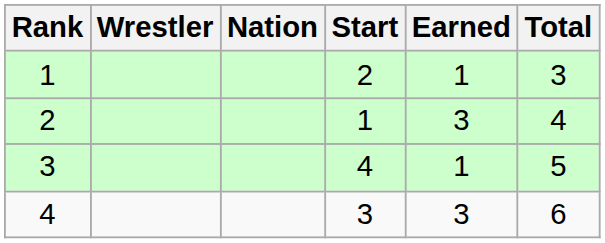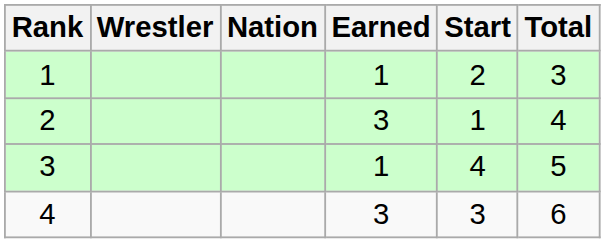 <table class="wikitable sortable" style="text-align:center;">
 <tr>
 <th>Rank</th>
 <th>Wrestler</th>
 <th>Nation</th>
+<th>Earned</th>
 <th>Start</th>
-<th>Earned</th>
 <th>Total</th>
 </tr>
 <tr style="background:#cfc;">
 <td>1</td>
 <td align=left></td>
 <td align=left></td>
+<td>1</td>
 <td>2</td>
-<td>1</td>
 <td>3</td>
 </tr>
 <tr style="background:#cfc;">
 <td>2</td>
 <td align=left></td>
 <td align=left></td>
+<td>3</td>
 <td>1</td>
-<td>3</td>
 <td>4</td>
 </tr>
 <tr style="background:#cfc;">
 <td>3</td>
 <td align=left></td>
 <td align=left></td>
+<td>1</td>
 <td>4</td>
-<td>1</td>
 <td>5</td>
 </tr>
 <tr>
 <td>4</td>
 <td align=left></td>
 <td align=left></td>
 <td>3</td>
 <td>3</td>
 <td>6</td>
 </tr>
 </table>
